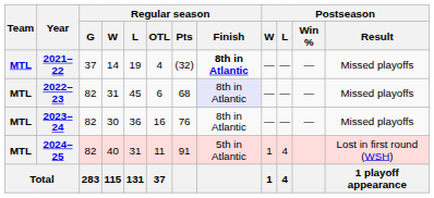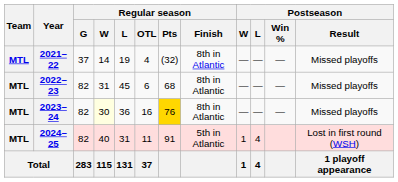 <table class="wikitable" style="font-size:95%; text-align:center;">
 <tr>
 <th rowspan="2">Team</th>
 <th rowspan="2">Year</th>
 <th colspan="6">Regular season</th>
 <th colspan="5">Postseason</th>
 </tr>
 <tr>
 <th>G</th>
 <th>W</th>
 <th>L</th>
 <th>OTL</th>
 <th>Pts</th>
 <th>Finish</th>
 <th>W</th>
 <th>L</th>
 <th>Win %</th>
 <th>Result</th>
 </tr>
 <tr>
 <th><a href='#'>MTL</a></th>
 <th><a href='#'>2021–22</a></th>
 <td>37</td>
 <td>14</td>
 <td>19</td>
 <td>4</td>
 <td>(32)</td>
-<td><strong>8th in <a href='#'>Atlantic</a></strong></td>
+<td>8th in <a href='#'>Atlantic</a></td>
 <td>—</td>
 <td>—</td>
 <td>—</td>
 <td>Missed playoffs</td>
 </tr>
 <tr>
 <th>MTL</th>
 <th><a href='#'>2022–23</a></th>
 <td>82</td>
 <td>31</td>
 <td>45</td>
 <td>6</td>
 <td>68</td>
-<td style="background: lavender;">8th in Atlantic</td>
+<td>8th in Atlantic</td>
 <td>—</td>
 <td>—</td>
 <td>—</td>
 <td>Missed playoffs</td>
 </tr>
 <tr>
 <th>MTL</th>
 <th><a href='#'>2023–24</a></th>
 <td>82</td>
-<td>30</td>
+<td style="background: lightyellow;">30</td>
 <td>36</td>
 <td>16</td>
-<td>76</td>
+<td style="background: gold;">76</td>
 <td>8th in Atlantic</td>
 <td>—</td>
 <td>—</td>
 <td>—</td>
 <td>Missed playoffs</td>
 </tr>
 <tr style="background:#fdd;">
 <th>MTL</th>
 <th><a href='#'>2024–25</a></th>
 <td>82</td>
 <td>40</td>
 <td>31</td>
 <td>11</td>
 <td>91</td>
 <td>5th in Atlantic</td>
 <td>1</td>
 <td>4</td>
 <td></td>
 <td>Lost in first round (<a href='#'>WSH</a>)</td>
 </tr>
 <tr>
 <th colspan="2">Total</th>
 <th>283</th>
 <th>115</th>
 <th>131</th>
 <th>37</th>
 <th> </th>
 <th> </th>
 <th>1</th>
 <th>4</th>
 <th></th>
 <th>1 playoff appearance</th>
 </tr>
 </table>
